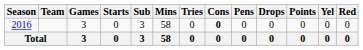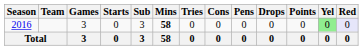 <table class="wikitable" style="text-align:center; line-height:90%; font-size:95%; width:60%;">
 <tr>
 <th>Season</th>
 <th>Team</th>
 <th>Games</th>
 <th>Starts</th>
 <th>Sub</th>
 <th>Mins</th>
 <th>Tries</th>
 <th>Cons</th>
 <th>Pens</th>
 <th>Drops</th>
 <th>Points</th>
 <th>Yel</th>
 <th>Red</th>
 </tr>
 <tr>
 <td><a href='#'>2016</a></td>
 <td></td>
 <td>3</td>
 <td>0</td>
 <td>3</td>
-<td>58</td>
-<td>0</td>
-<td><strong>0</strong></td>
+<td><strong>58</strong></td>
 <td>0</td>
 <td>0</td>
 <td>0</td>
 <td>0</td>
 <td>0</td>
+<td style="background: lightgreen;">0</td>
+<td style="background: lavender;">0</td>
 </tr>
 <tr>
 <th colspan="2">Total</th>
 <th>3</th>
 <th>0</th>
 <th>3</th>
 <th>58</th>
 <th>0</th>
 <th>0</th>
 <th>0</th>
 <th>0</th>
 <th>0</th>
 <th>0</th>
 <th>0</th>
 </tr>
 </table>
